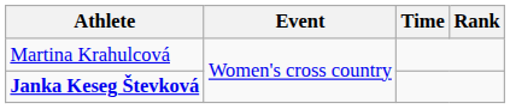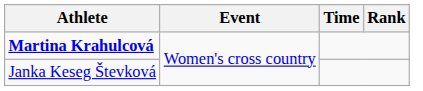 <table class=wikitable style=font-size:90%;text-align:center>
 <tr>
 <th>Athlete</th>
 <th>Event</th>
 <th>Time</th>
 <th>Rank</th>
 </tr>
 <tr>
-<td align=left><a href='#'>Martina Krahulcová</a></td>
+<td align=left><strong><a href='#'>Martina Krahulcová</a></strong></td>
 <td align=left rowspan=2><a href='#'>Women's cross country</a></td>
 <td colspan=2></td>
 </tr>
 <tr>
-<td align=left><strong><a href='#'>Janka Keseg Števková</a></strong></td>
+<td align=left><a href='#'>Janka Keseg Števková</a></td>
 <td colspan=2></td>
 </tr>
 </table>
